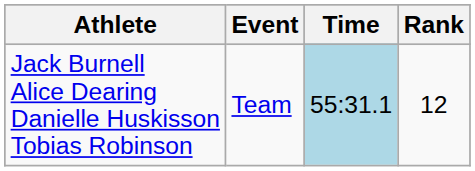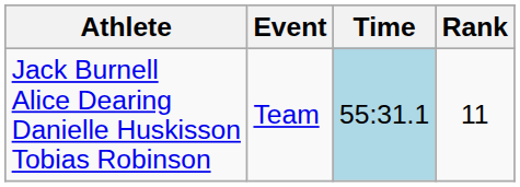 <table class=wikitable style="font-size:90%;">
 <tr>
 <th>Athlete</th>
 <th>Event</th>
 <th>Time</th>
 <th>Rank</th>
 </tr>
 <tr align=center>
 <td align=left><a href='#'>Jack Burnell</a><br><a href='#'>Alice Dearing</a><br><a href='#'>Danielle Huskisson</a><br><a href='#'>Tobias Robinson</a></td>
 <td align=left><a href='#'>Team</a></td>
 <td style="background: lightblue;">55:31.1</td>
-<td>12</td>
+<td>11</td>
 </tr>
 </table>
